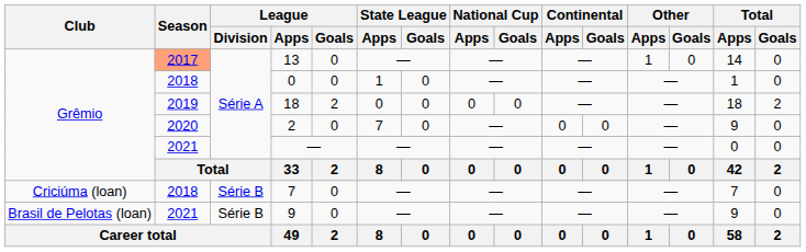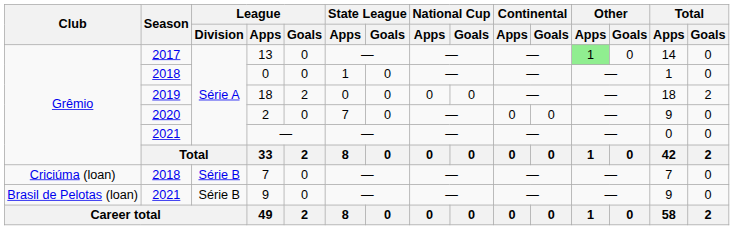 <table class="wikitable" style="text-align: center">
 <tr>
 <th rowspan=2>Club</th>
 <th rowspan=2>Season</th>
 <th colspan=3>League</th>
 <th colspan=2>State League</th>
 <th colspan=2>National Cup</th>
 <th colspan=2>Continental</th>
 <th colspan=2>Other</th>
 <th colspan=2>Total</th>
 </tr>
 <tr>
 <th>Division</th>
 <th>Apps</th>
 <th>Goals</th>
 <th>Apps</th>
 <th>Goals</th>
 <th>Apps</th>
 <th>Goals</th>
 <th>Apps</th>
 <th>Goals</th>
 <th>Apps</th>
 <th>Goals</th>
 <th>Apps</th>
 <th>Goals</th>
 </tr>
 <tr>
 <td rowspan=6><a href='#'>Grêmio</a></td>
-<td style="background: lightsalmon;"><a href='#'>2017</a></td>
+<td><a href='#'>2017</a></td>
 <td rowspan=5><a href='#'>Série A</a></td>
 <td>13</td>
 <td>0</td>
 <td colspan=2>—</td>
 <td colspan=2>—</td>
 <td colspan=2>—</td>
-<td>1</td>
+<td style="background: lightgreen;">1</td>
 <td>0</td>
 <td>14</td>
 <td>0</td>
 </tr>
 <tr>
 <td><a href='#'>2018</a></td>
 <td>0</td>
 <td>0</td>
 <td>1</td>
 <td>0</td>
 <td colspan=2>—</td>
 <td colspan=2>—</td>
 <td colspan=2>—</td>
 <td>1</td>
 <td>0</td>
 </tr>
 <tr>
 <td><a href='#'>2019</a></td>
 <td>18</td>
 <td>2</td>
 <td>0</td>
 <td>0</td>
 <td>0</td>
 <td>0</td>
 <td colspan=2>—</td>
 <td colspan=2>—</td>
 <td>18</td>
 <td>2</td>
 </tr>
 <tr>
 <td><a href='#'>2020</a></td>
 <td>2</td>
 <td>0</td>
 <td>7</td>
 <td>0</td>
 <td colspan=2>—</td>
 <td>0</td>
 <td>0</td>
 <td colspan=2>—</td>
 <td>9</td>
 <td>0</td>
 </tr>
 <tr>
 <td><a href='#'>2021</a></td>
 <td colspan=2>—</td>
 <td colspan=2>—</td>
 <td colspan=2>—</td>
 <td colspan=2>—</td>
 <td colspan=2>—</td>
 <td>0</td>
 <td>0</td>
 </tr>
 <tr>
 <th colspan=2>Total</th>
 <th>33</th>
 <th>2</th>
 <th>8</th>
 <th>0</th>
 <th>0</th>
 <th>0</th>
 <th>0</th>
 <th>0</th>
 <th>1</th>
 <th>0</th>
 <th>42</th>
 <th>2</th>
 </tr>
 <tr>
 <td><a href='#'>Criciúma</a> (loan)</td>
 <td><a href='#'>2018</a></td>
 <td><a href='#'>Série B</a></td>
 <td>7</td>
 <td>0</td>
 <td colspan="2">—</td>
 <td colspan="2">—</td>
 <td colspan="2">—</td>
 <td colspan="2">—</td>
 <td>7</td>
 <td>0</td>
 </tr>
 <tr>
 <td><a href='#'>Brasil de Pelotas</a> (loan)</td>
 <td><a href='#'>2021</a></td>
 <td>Série B</td>
 <td>9</td>
 <td>0</td>
 <td colspan="2">—</td>
 <td colspan="2">—</td>
 <td colspan="2">—</td>
 <td colspan="2">—</td>
 <td>9</td>
 <td>0</td>
 </tr>
 <tr>
 <th colspan=3><strong>Career total</strong></th>
 <th>49</th>
 <th>2</th>
 <th>8</th>
 <th>0</th>
 <th>0</th>
 <th>0</th>
 <th>0</th>
 <th>0</th>
 <th>1</th>
 <th>0</th>
 <th>58</th>
 <th>2</th>
 </tr>
 </table>
